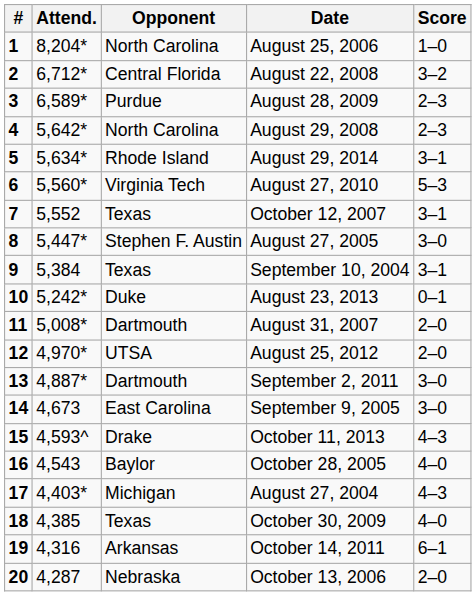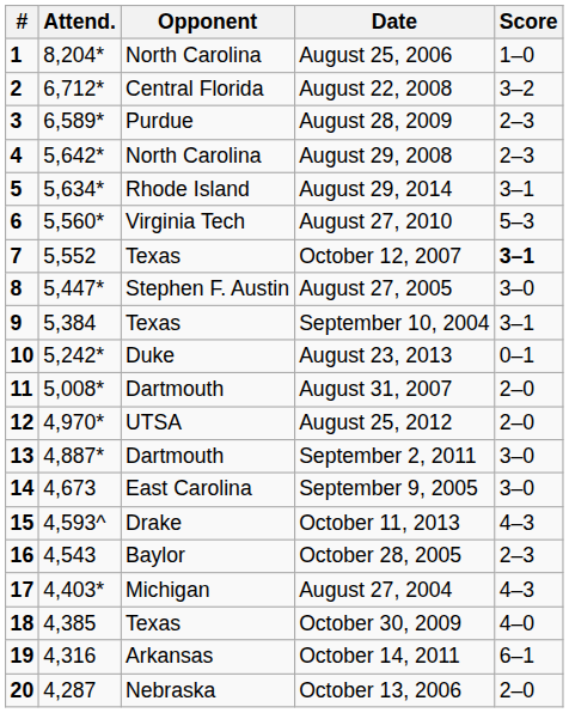 <table class="wikitable sortable" style="font-size:%">
 <tr>
 <th width=px>#</th>
 <th width=px>Attend.</th>
 <th width=px>Opponent</th>
 <th width=px>Date</th>
 <th width=px>Score</th>
 </tr>
 <tr>
 <td><strong>1</strong></td>
 <td>8,204*</td>
 <td>North Carolina</td>
 <td>August 25, 2006</td>
 <td>1–0</td>
 </tr>
 <tr>
 <td><strong>2</strong></td>
 <td>6,712*</td>
 <td>Central Florida</td>
 <td>August 22, 2008</td>
 <td>3–2</td>
 </tr>
 <tr>
 <td><strong>3</strong></td>
 <td>6,589*</td>
 <td>Purdue</td>
 <td>August 28, 2009</td>
 <td>2–3</td>
 </tr>
 <tr>
 <td><strong>4</strong></td>
 <td>5,642*</td>
 <td>North Carolina</td>
 <td>August 29, 2008</td>
 <td>2–3</td>
 </tr>
 <tr>
 <td><strong>5</strong></td>
 <td>5,634*</td>
 <td>Rhode Island</td>
 <td>August 29, 2014</td>
 <td>3–1</td>
 </tr>
 <tr>
 <td><strong>6</strong></td>
 <td>5,560*</td>
 <td>Virginia Tech</td>
 <td>August 27, 2010</td>
 <td>5–3</td>
 </tr>
 <tr>
 <td><strong>7</strong></td>
 <td>5,552</td>
 <td>Texas</td>
 <td>October 12, 2007</td>
-<td>3–1</td>
+<td><strong>3–1</strong></td>
 </tr>
 <tr>
 <td><strong>8</strong></td>
 <td>5,447*</td>
 <td>Stephen F. Austin</td>
 <td>August 27, 2005</td>
 <td>3–0</td>
 </tr>
 <tr>
 <td><strong>9</strong></td>
 <td>5,384</td>
 <td>Texas</td>
 <td>September 10, 2004</td>
 <td>3–1</td>
 </tr>
 <tr>
 <td><strong>10</strong></td>
 <td>5,242*</td>
 <td>Duke</td>
 <td>August 23, 2013</td>
 <td>0–1</td>
 </tr>
 <tr>
 <td><strong>11</strong></td>
 <td>5,008*</td>
 <td>Dartmouth</td>
 <td>August 31, 2007</td>
 <td>2–0</td>
 </tr>
 <tr>
 <td><strong>12</strong></td>
 <td>4,970*</td>
 <td>UTSA</td>
 <td>August 25, 2012</td>
 <td>2–0</td>
 </tr>
 <tr>
 <td><strong>13</strong></td>
 <td>4,887*</td>
 <td>Dartmouth</td>
 <td>September 2, 2011</td>
 <td>3–0</td>
 </tr>
 <tr>
 <td><strong>14</strong></td>
 <td>4,673</td>
 <td>East Carolina</td>
 <td>September 9, 2005</td>
 <td>3–0</td>
 </tr>
 <tr>
 <td><strong>15</strong></td>
 <td>4,593^</td>
 <td>Drake</td>
 <td>October 11, 2013</td>
 <td>4–3</td>
 </tr>
 <tr>
 <td><strong>16</strong></td>
 <td>4,543</td>
 <td>Baylor</td>
 <td>October 28, 2005</td>
-<td>4–0</td>
+<td>2–3</td>
 </tr>
 <tr>
 <td><strong>17</strong></td>
 <td>4,403*</td>
 <td>Michigan</td>
 <td>August 27, 2004</td>
 <td>4–3</td>
 </tr>
 <tr>
 <td><strong>18</strong></td>
 <td>4,385</td>
 <td>Texas</td>
 <td>October 30, 2009</td>
 <td>4–0</td>
 </tr>
 <tr>
 <td><strong>19</strong></td>
 <td>4,316</td>
 <td>Arkansas</td>
 <td>October 14, 2011</td>
 <td>6–1</td>
 </tr>
 <tr>
 <td><strong>20</strong></td>
 <td>4,287</td>
 <td>Nebraska</td>
 <td>October 13, 2006</td>
 <td>2–0</td>
 </tr>
 </table>
